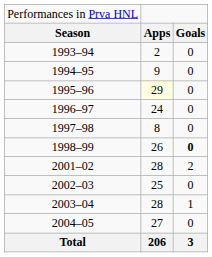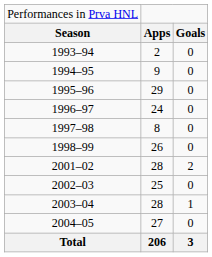 <table class="wikitable" style="text-align:center">
 <tr>
 <td>Performances in <a href='#'>Prva HNL</a></td>
 </tr>
 <tr>
 <th>Season</th>
 <th>Apps</th>
 <th>Goals</th>
 </tr>
 <tr>
 <td>1993–94</td>
 <td>2</td>
 <td>0</td>
 </tr>
 <tr>
 <td>1994–95</td>
 <td>9</td>
 <td>0</td>
 </tr>
 <tr>
 <td>1995–96</td>
-<td style="background: lightyellow;">29</td>
+<td>29</td>
 <td>0</td>
 </tr>
 <tr>
 <td>1996–97</td>
 <td>24</td>
 <td>0</td>
 </tr>
 <tr>
 <td>1997–98</td>
 <td>8</td>
 <td>0</td>
 </tr>
 <tr>
 <td>1998–99</td>
 <td>26</td>
-<td><strong>0</strong></td>
+<td>0</td>
 </tr>
 <tr>
 <td>2001–02</td>
 <td>28</td>
 <td>2</td>
 </tr>
 <tr>
 <td>2002–03</td>
 <td>25</td>
 <td>0</td>
 </tr>
 <tr>
 <td>2003–04</td>
 <td>28</td>
 <td>1</td>
 </tr>
 <tr>
 <td>2004–05</td>
 <td>27</td>
 <td>0</td>
 </tr>
 <tr>
 <th>Total</th>
 <th>206</th>
 <th>3</th>
 </tr>
 </table>
